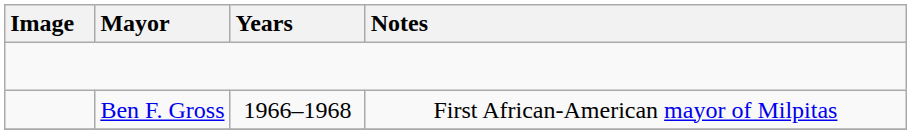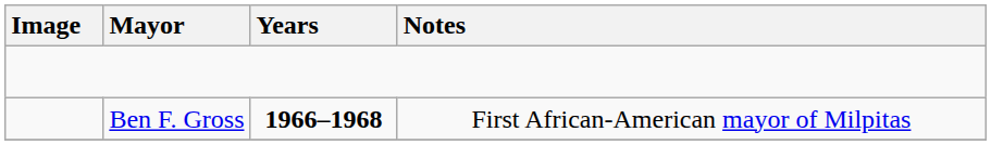 <table class="wikitable" style="text-align:center">
 <tr>
 <th style="text-align:left; width:10%;">Image</th>
 <th style="text-align:left; width:15%;">Mayor</th>
 <th style="text-align:left; width:15%;">Years</th>
 <th style="text-align:left; width:60%;">Notes</th>
 </tr>
 <tr style="height:2em">
 </tr>
 <tr>
 <td></td>
 <td><a href='#'>Ben F. Gross</a></td>
-<td>1966–1968</td>
+<td><strong>1966–1968</strong></td>
 <td>First African-American <a href='#'>mayor of Milpitas</a></td>
 </tr>
 <tr>
 </tr>
 </table>
